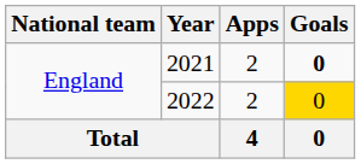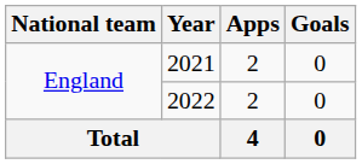 <table class="wikitable" style="text-align: center;">
 <tr>
 <th>National team</th>
 <th>Year</th>
 <th>Apps</th>
 <th>Goals</th>
 </tr>
 <tr>
 <td rowspan="2"><a href='#'>England</a></td>
 <td>2021</td>
 <td>2</td>
-<td><strong>0</strong></td>
+<td>0</td>
 </tr>
 <tr>
 <td>2022</td>
 <td>2</td>
-<td style="background: gold;">0</td>
+<td>0</td>
 </tr>
 <tr>
 <th colspan="2">Total</th>
 <th>4</th>
 <th>0</th>
 </tr>
 </table>
